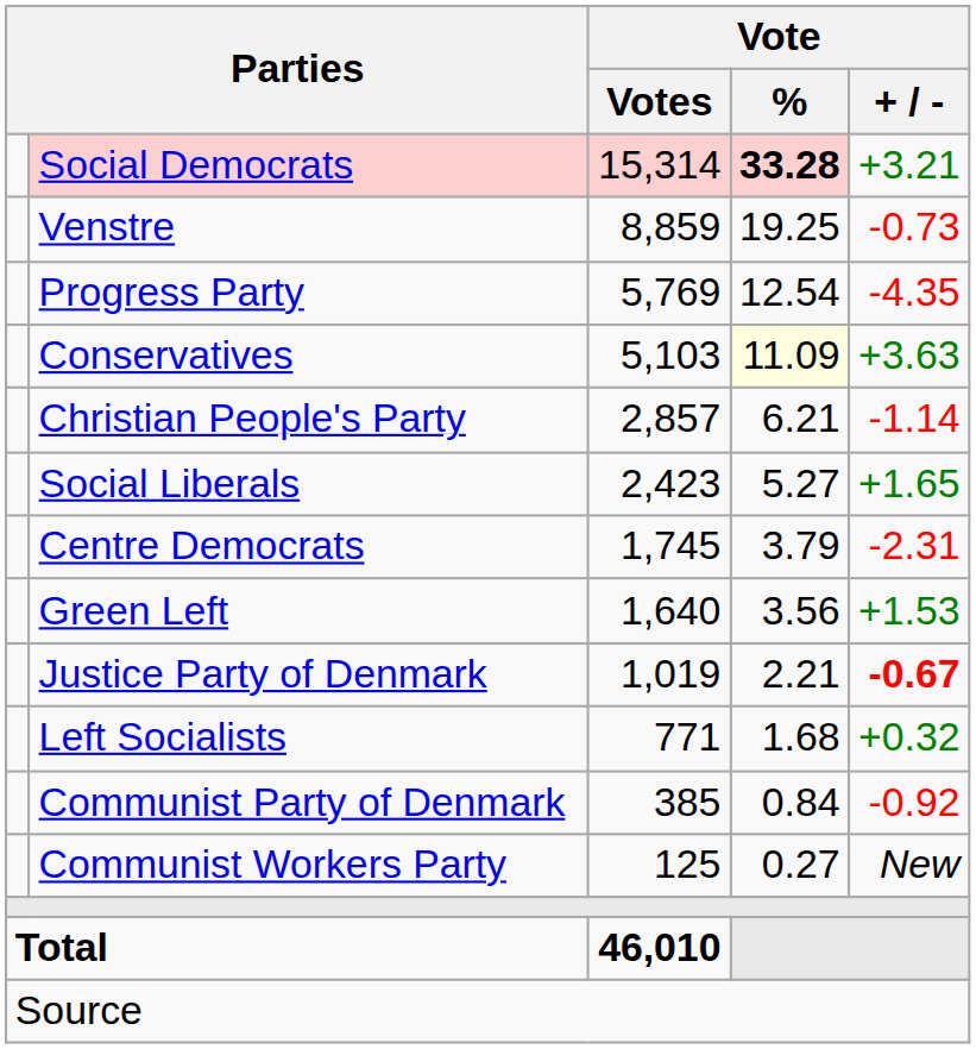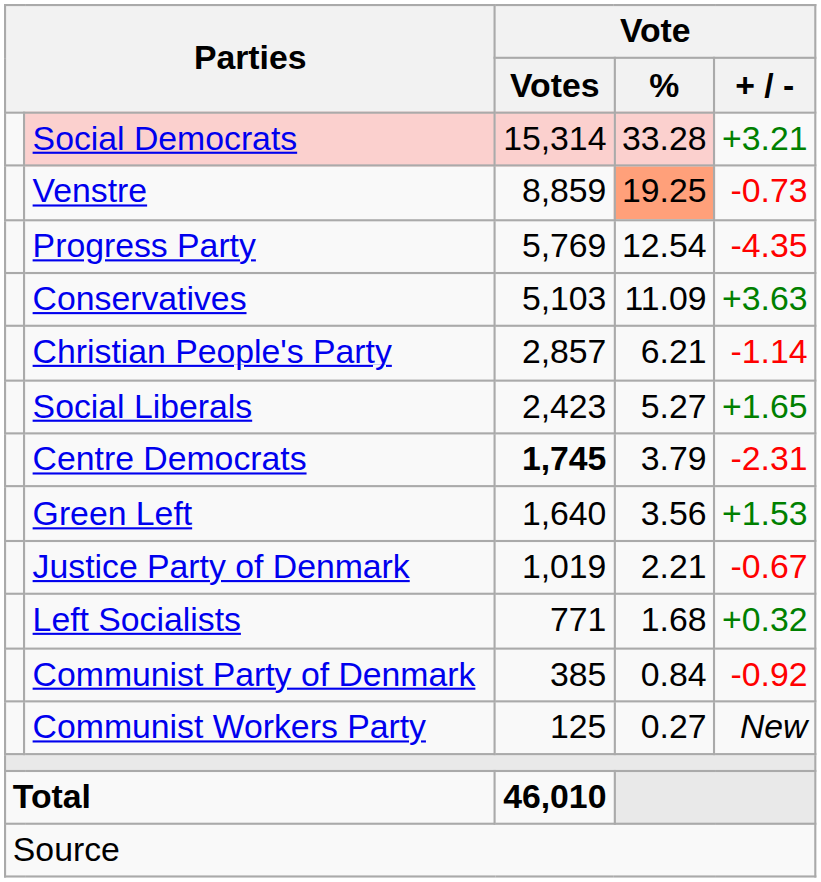 <table class="wikitable" style="text-align:right;">
 <tr>
 <th style="text-align:centre;" rowspan="2" colspan="2" width="225">Parties</th>
 <th colspan="3">Vote</th>
 </tr>
 <tr>
 <th width="15">Votes</th>
 <th width="15">%</th>
 <th width="15">+ / -</th>
 </tr>
 <tr>
 <td width="2" style="color:inherit;background:"></td>
 <td bgcolor=#fbd0ce  align="left"><a href='#'>Social Democrats</a></td>
 <td bgcolor=#fbd0ce>15,314</td>
-<td bgcolor=#fbd0ce><strong>33.28</strong></td>
+<td bgcolor=#fbd0ce>33.28</td>
 <td style=color:green;>+3.21</td>
 </tr>
 <tr>
 <td width="2" style="color:inherit;background:"></td>
 <td align="left"><a href='#'>Venstre</a></td>
 <td>8,859</td>
-<td>19.25</td>
+<td style="background: lightsalmon;">19.25</td>
 <td style=color:red;>-0.73</td>
 </tr>
 <tr>
 <td width="2" style="color:inherit;background:"></td>
 <td align="left"><a href='#'>Progress Party</a></td>
 <td>5,769</td>
 <td>12.54</td>
 <td style=color:red;>-4.35</td>
 </tr>
 <tr>
 <td width="2" style="color:inherit;background:"></td>
 <td align="left"><a href='#'>Conservatives</a></td>
 <td>5,103</td>
-<td style="background: lightyellow;">11.09</td>
+<td>11.09</td>
 <td style=color:green;>+3.63</td>
 </tr>
 <tr>
 <td width="2" style="color:inherit;background:"></td>
 <td align="left"><a href='#'>Christian People's Party</a></td>
 <td>2,857</td>
 <td>6.21</td>
 <td style=color:red;>-1.14</td>
 </tr>
 <tr>
 <td width="2" style="color:inherit;background:"></td>
 <td align="left"><a href='#'>Social Liberals</a></td>
 <td>2,423</td>
 <td>5.27</td>
 <td style=color:green;>+1.65</td>
 </tr>
 <tr>
 <td width="2" style="color:inherit;background:"></td>
 <td align="left"><a href='#'>Centre Democrats</a></td>
-<td>1,745</td>
+<td><strong>1,745</strong></td>
 <td>3.79</td>
 <td style=color:red;>-2.31</td>
 </tr>
 <tr>
 <td width="2" style="color:inherit;background:"></td>
 <td align="left"><a href='#'>Green Left</a></td>
 <td>1,640</td>
 <td>3.56</td>
 <td style=color:green;>+1.53</td>
 </tr>
 <tr>
 <td width="2" style="color:inherit;background:"></td>
 <td align="left"><a href='#'>Justice Party of Denmark</a></td>
 <td>1,019</td>
 <td>2.21</td>
-<td style=color:red;><strong>-0.67</strong></td>
+<td style=color:red;>-0.67</td>
 </tr>
 <tr>
 <td width="2" style="color:inherit;background:"></td>
 <td align="left"><a href='#'>Left Socialists</a></td>
 <td>771</td>
 <td>1.68</td>
 <td style=color:green;>+0.32</td>
 </tr>
 <tr>
 <td width="2" style="color:inherit;background:"></td>
 <td align="left"><a href='#'>Communist Party of Denmark</a></td>
 <td>385</td>
 <td>0.84</td>
 <td style=color:red;>-0.92</td>
 </tr>
 <tr>
 <td width="2" style="color:inherit;background:"></td>
 <td align="left"><a href='#'>Communist Workers Party</a></td>
 <td>125</td>
 <td>0.27</td>
 <td><em>New</em></td>
 </tr>
 <tr>
 <td colspan="7" bgcolor="#E9E9E9"></td>
 </tr>
 <tr>
 <td align="left" colspan="2"><strong>Total</strong></td>
 <td><strong>46,010</strong></td>
 <td bgcolor="#E9E9E9" colspan="2"></td>
 </tr>
 <tr>
 <td align="left" colspan="6">Source</td>
 </tr>
 </table>
